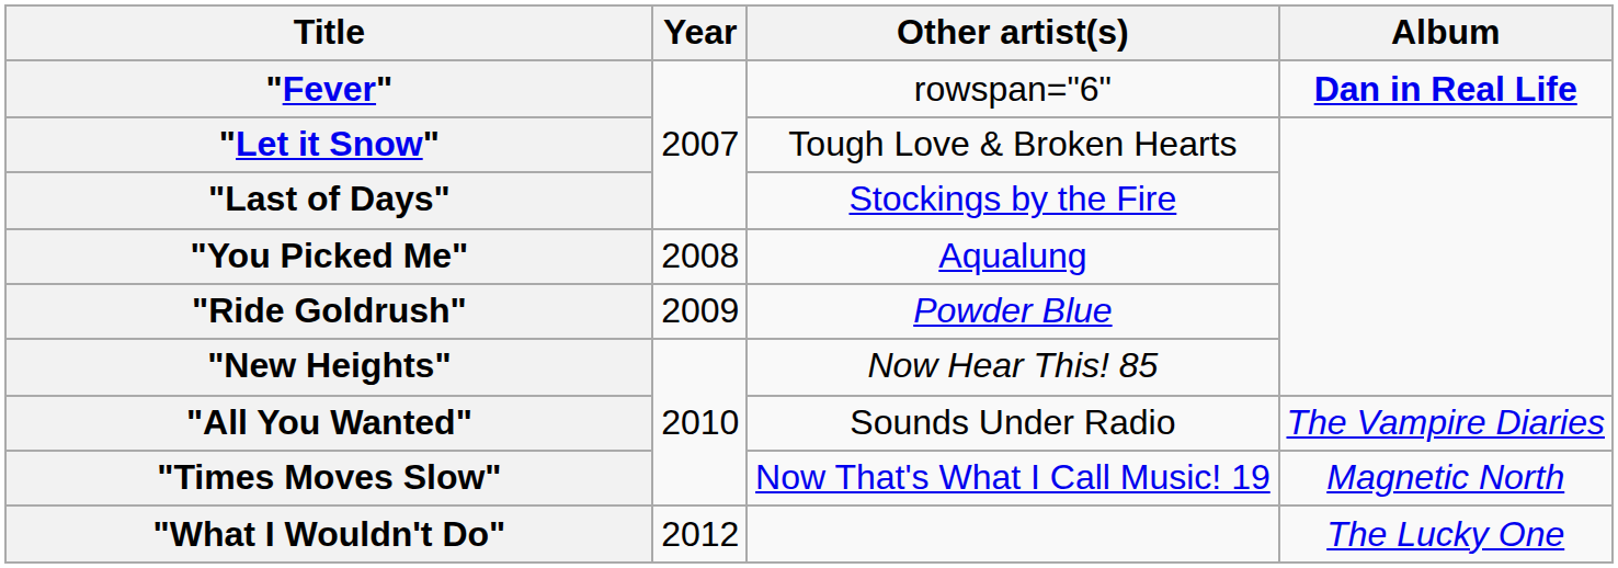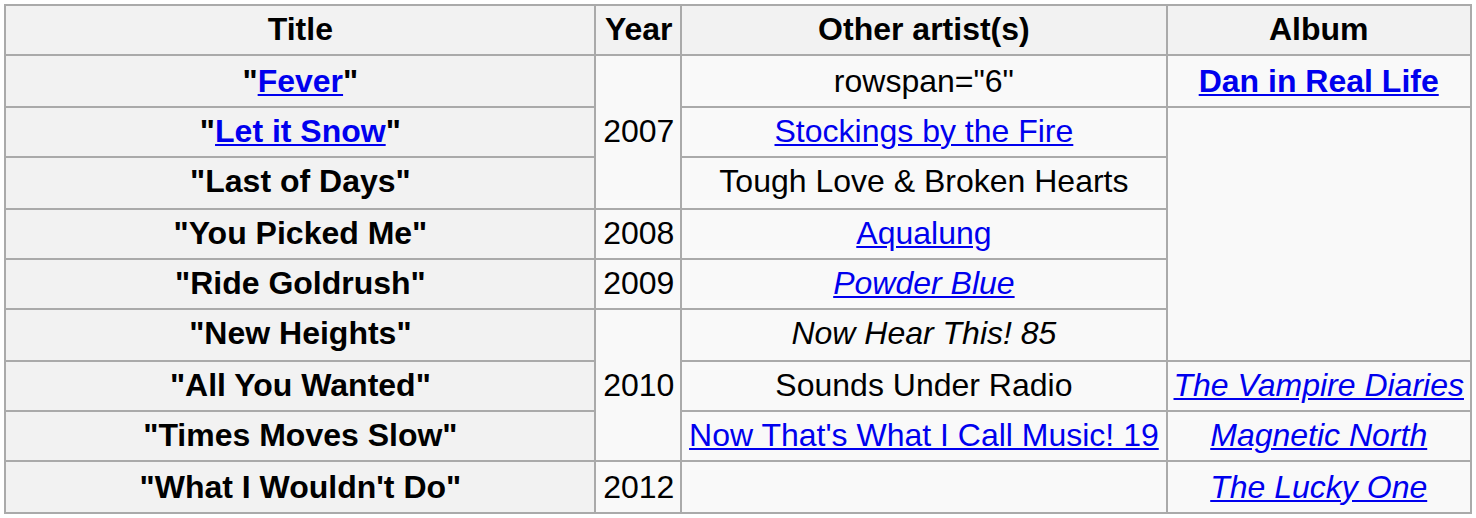 <table class="wikitable plainrowheaders" style="text-align:center;" border="1">
 <tr>
 <th scope="col" style="width:18em;">Title</th>
 <th scope="col">Year</th>
 <th scope="col">Other artist(s)</th>
 <th scope="col">Album</th>
 </tr>
 <tr>
 <th scope="row">"<a href='#'>Fever</a>"</th>
 <td rowspan="3">2007</td>
 <td>rowspan="6" </td>
 <td><strong><a href='#'>Dan in Real Life</a><em></td>
 </tr>
 <tr>
 <th scope="row">"<a href='#'>Let it Snow</a>"</th>
-<td></em>Tough Love & Broken Hearts<em></td>
+<td></em><a href='#'>Stockings by the Fire</a><em></td>
 </tr>
 <tr>
 <th scope="row">"Last of Days"</th>
-<td></em><a href='#'>Stockings by the Fire</a><em></td>
+<td></em>Tough Love & Broken Hearts<em></td>
 </tr>
 <tr>
 <th scope="row">"You Picked Me"</th>
 <td>2008</td>
 <td><a href='#'>Aqualung</a></td>
 </tr>
 <tr>
 <th scope="row">"Ride Goldrush"</th>
 <td>2009</td>
 <td><em><a href='#'>Powder Blue</a></em></td>
 </tr>
 <tr>
 <th scope="row">"New Heights"</th>
 <td rowspan="3">2010</td>
 <td><em>Now Hear This! 85</em></td>
 </tr>
 <tr>
 <th scope="row">"All You Wanted"</th>
 <td>Sounds Under Radio</td>
 <td><em><a href='#'>The Vampire Diaries</a></em></td>
 </tr>
 <tr>
 <th scope="row">"Times Moves Slow"</th>
 <td></strong><a href='#'>Now That's What I Call Music! 19</a></em></td>
 <td><em><a href='#'>Magnetic North</a></em></td>
 </tr>
 <tr>
 <th scope="row">"What I Wouldn't Do"</th>
 <td>2012</td>
 <td></td>
 <td><em><a href='#'>The Lucky One</a></em></td>
 </tr>
 <tr>
 </tr>
 </table>
